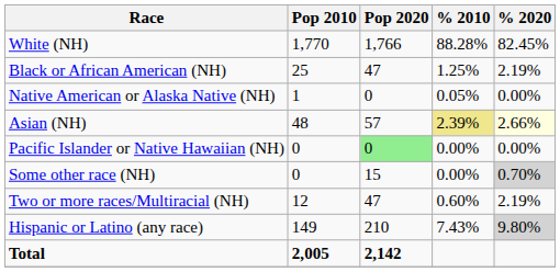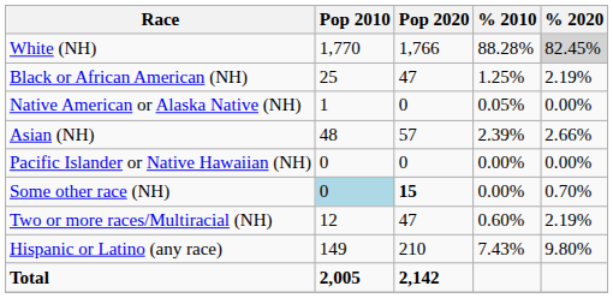 <table class="wikitable">
 <tr>
 <th>Race</th>
 <th>Pop 2010</th>
 <th>Pop 2020</th>
 <th>% 2010</th>
 <th>% 2020</th>
 </tr>
 <tr>
 <td><a href='#'>White</a> (NH)</td>
 <td>1,770</td>
 <td>1,766</td>
 <td>88.28%</td>
-<td>82.45%</td>
+<td style="background: lightgrey;">82.45%</td>
 </tr>
 <tr>
 <td><a href='#'>Black or African American</a> (NH)</td>
 <td>25</td>
 <td>47</td>
 <td>1.25%</td>
 <td>2.19%</td>
 </tr>
 <tr>
 <td><a href='#'>Native American</a> or <a href='#'>Alaska Native</a> (NH)</td>
 <td>1</td>
 <td>0</td>
 <td>0.05%</td>
 <td>0.00%</td>
 </tr>
 <tr>
 <td><a href='#'>Asian</a> (NH)</td>
 <td>48</td>
 <td>57</td>
-<td style="background: khaki;">2.39%</td>
-<td style="background: lightyellow;">2.66%</td>
+<td>2.39%</td>
+<td>2.66%</td>
 </tr>
 <tr>
 <td><a href='#'>Pacific Islander</a> or <a href='#'>Native Hawaiian</a> (NH)</td>
 <td>0</td>
-<td style="background: lightgreen;">0</td>
+<td>0</td>
 <td>0.00%</td>
 <td>0.00%</td>
 </tr>
 <tr>
 <td><a href='#'>Some other race</a> (NH)</td>
-<td>0</td>
-<td>15</td>
+<td style="background: lightblue;">0</td>
+<td><strong>15</strong></td>
 <td>0.00%</td>
-<td style="background: lightgrey;">0.70%</td>
+<td>0.70%</td>
 </tr>
 <tr>
 <td><a href='#'>Two or more races/Multiracial</a> (NH)</td>
 <td>12</td>
 <td>47</td>
 <td>0.60%</td>
 <td>2.19%</td>
 </tr>
 <tr>
 <td><a href='#'>Hispanic or Latino</a> (any race)</td>
 <td>149</td>
 <td>210</td>
 <td>7.43%</td>
-<td style="background: lightgrey;">9.80%</td>
+<td>9.80%</td>
 </tr>
 <tr>
 <td><strong>Total</strong></td>
 <td><strong>2,005</strong></td>
 <td><strong>2,142</strong></td>
 <td></td>
 <td></td>
 </tr>
 <tr>
 </tr>
 </table>
